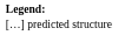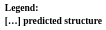 <table style="text-align:left;">
 <tr>
 <th>Legend:</th>
 </tr>
 <tr>
-<td>[…] predicted structure</td>
+<td><strong>[…] predicted structure</strong></td>
 </tr>
 <tr>
 <td></td>
 </tr>
 <tr>
 <td></td>
 </tr>
 <tr>
 <td></td>
 </tr>
 <tr>
 <td></td>
 </tr>
 <tr>
 <td></td>
 </tr>
 </table>
